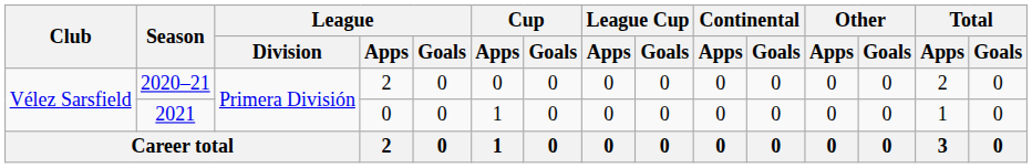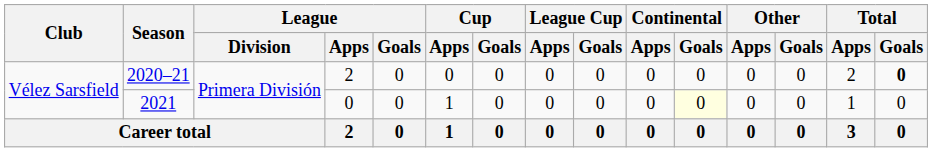 <table class="wikitable" style="text-align:center">
 <tr>
 <th rowspan="2">Club</th>
 <th rowspan="2">Season</th>
 <th colspan="3">League</th>
 <th colspan="2">Cup</th>
 <th colspan="2">League Cup</th>
 <th colspan="2">Continental</th>
 <th colspan="2">Other</th>
 <th colspan="2">Total</th>
 </tr>
 <tr>
 <th>Division</th>
 <th>Apps</th>
 <th>Goals</th>
 <th>Apps</th>
 <th>Goals</th>
 <th>Apps</th>
 <th>Goals</th>
 <th>Apps</th>
 <th>Goals</th>
 <th>Apps</th>
 <th>Goals</th>
 <th>Apps</th>
 <th>Goals</th>
 </tr>
 <tr>
 <td rowspan="2"><a href='#'>Vélez Sarsfield</a></td>
 <td><a href='#'>2020–21</a></td>
 <td rowspan="2"><a href='#'>Primera División</a></td>
 <td>2</td>
 <td>0</td>
 <td>0</td>
 <td>0</td>
 <td>0</td>
 <td>0</td>
 <td>0</td>
 <td>0</td>
 <td>0</td>
 <td>0</td>
 <td>2</td>
-<td>0</td>
+<td><strong>0</strong></td>
 </tr>
 <tr>
 <td><a href='#'>2021</a></td>
 <td>0</td>
 <td>0</td>
 <td>1</td>
 <td>0</td>
 <td>0</td>
 <td>0</td>
 <td>0</td>
-<td>0</td>
+<td style="background: lightyellow;">0</td>
 <td>0</td>
 <td>0</td>
 <td>1</td>
 <td>0</td>
 </tr>
 <tr>
 <th colspan="3">Career total</th>
 <th>2</th>
 <th>0</th>
 <th>1</th>
 <th>0</th>
 <th>0</th>
 <th>0</th>
 <th>0</th>
 <th>0</th>
 <th>0</th>
 <th>0</th>
 <th>3</th>
 <th>0</th>
 </tr>
 </table>
